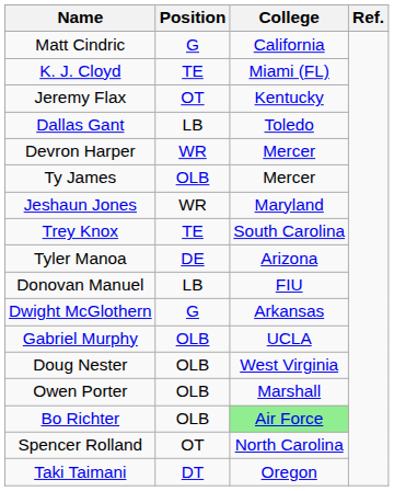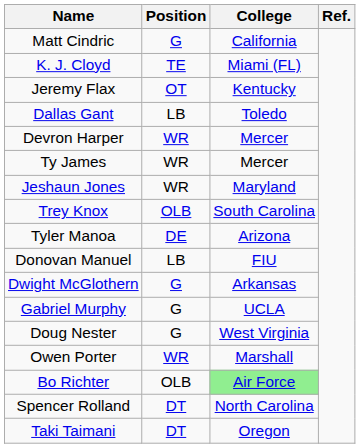 <table class="wikitable" style="text-align:center">
 <tr>
 <th>Name</th>
 <th>Position</th>
 <th>College</th>
 <th>Ref.</th>
 </tr>
 <tr>
 <td>Matt Cindric</td>
 <td><a href='#'>G</a></td>
 <td><a href='#'>California</a></td>
 <td rowspan="17"></td>
 </tr>
 <tr>
 <td><a href='#'>K. J. Cloyd</a></td>
 <td><a href='#'>TE</a></td>
 <td><a href='#'>Miami (FL)</a></td>
 </tr>
 <tr>
 <td>Jeremy Flax</td>
 <td><a href='#'>OT</a></td>
 <td><a href='#'>Kentucky</a></td>
 </tr>
 <tr>
 <td><a href='#'>Dallas Gant</a></td>
 <td>LB</td>
 <td><a href='#'>Toledo</a></td>
 </tr>
 <tr>
 <td>Devron Harper</td>
 <td><a href='#'>WR</a></td>
 <td><a href='#'>Mercer</a></td>
 </tr>
 <tr>
 <td>Ty James</td>
-<td><a href='#'>OLB</a></td>
+<td>WR</td>
 <td>Mercer</td>
 </tr>
 <tr>
 <td><a href='#'>Jeshaun Jones</a></td>
 <td>WR</td>
 <td><a href='#'>Maryland</a></td>
 </tr>
 <tr>
 <td><a href='#'>Trey Knox</a></td>
-<td><a href='#'>TE</a></td>
+<td><a href='#'>OLB</a></td>
 <td><a href='#'>South Carolina</a></td>
 </tr>
 <tr>
 <td>Tyler Manoa</td>
 <td><a href='#'>DE</a></td>
 <td><a href='#'>Arizona</a></td>
 </tr>
 <tr>
 <td>Donovan Manuel</td>
 <td>LB</td>
 <td><a href='#'>FIU</a></td>
 </tr>
 <tr>
 <td><a href='#'>Dwight McGlothern</a></td>
 <td><a href='#'>G</a></td>
 <td><a href='#'>Arkansas</a></td>
 </tr>
 <tr>
 <td><a href='#'>Gabriel Murphy</a></td>
-<td><a href='#'>OLB</a></td>
+<td>G</td>
 <td><a href='#'>UCLA</a></td>
 </tr>
 <tr>
 <td>Doug Nester</td>
-<td>OLB</td>
+<td>G</td>
 <td><a href='#'>West Virginia</a></td>
 </tr>
 <tr>
 <td>Owen Porter</td>
-<td>OLB</td>
+<td><a href='#'>WR</a></td>
 <td><a href='#'>Marshall</a></td>
 </tr>
 <tr>
 <td><a href='#'>Bo Richter</a></td>
 <td>OLB</td>
 <td style="background: lightgreen;"><a href='#'>Air Force</a></td>
 </tr>
 <tr>
 <td>Spencer Rolland</td>
-<td>OT</td>
+<td><a href='#'>DT</a></td>
 <td><a href='#'>North Carolina</a></td>
 </tr>
 <tr>
 <td><a href='#'>Taki Taimani</a></td>
 <td><a href='#'>DT</a></td>
 <td><a href='#'>Oregon</a></td>
 </tr>
 </table>
